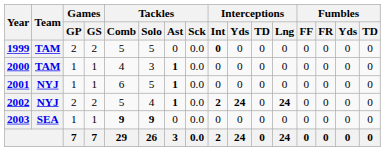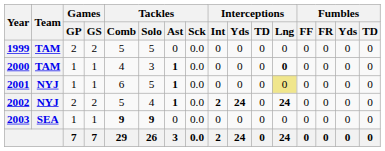 <table class="wikitable" style="text-align:center">
 <tr>
 <th rowspan="2">Year</th>
 <th rowspan="2">Team</th>
 <th colspan="2">Games</th>
 <th colspan="4">Tackles</th>
 <th colspan="4">Interceptions</th>
 <th colspan="4">Fumbles</th>
 </tr>
 <tr>
 <th>GP</th>
 <th>GS</th>
 <th>Comb</th>
 <th>Solo</th>
 <th>Ast</th>
 <th>Sck</th>
 <th>Int</th>
 <th>Yds</th>
 <th>TD</th>
 <th>Lng</th>
 <th>FF</th>
 <th>FR</th>
 <th>Yds</th>
 <th>TD</th>
 </tr>
 <tr>
 <th><a href='#'>1999</a></th>
 <th><a href='#'>TAM</a></th>
 <td>2</td>
 <td>2</td>
 <td>5</td>
 <td>5</td>
 <td>0</td>
 <td>0.0</td>
-<td><strong>0</strong></td>
+<td>0</td>
 <td>0</td>
 <td>0</td>
 <td>0</td>
 <td>0</td>
 <td>0</td>
 <td>0</td>
 <td>0</td>
 </tr>
 <tr>
 <th><a href='#'>2000</a></th>
 <th><a href='#'>TAM</a></th>
 <td>1</td>
 <td>1</td>
 <td>4</td>
 <td>3</td>
 <td><strong>1</strong></td>
 <td>0.0</td>
 <td>0</td>
 <td>0</td>
 <td>0</td>
-<td>0</td>
+<td><strong>0</strong></td>
 <td>0</td>
 <td>0</td>
 <td>0</td>
 <td>0</td>
 </tr>
 <tr>
 <th><a href='#'>2001</a></th>
 <th><a href='#'>NYJ</a></th>
 <td>1</td>
 <td>1</td>
 <td>6</td>
 <td>5</td>
 <td><strong>1</strong></td>
 <td>0.0</td>
 <td>0</td>
 <td>0</td>
 <td>0</td>
-<td>0</td>
+<td style="background: khaki;">0</td>
 <td>0</td>
 <td>0</td>
 <td>0</td>
 <td>0</td>
 </tr>
 <tr>
 <th><a href='#'>2002</a></th>
 <th><a href='#'>NYJ</a></th>
 <td>2</td>
 <td>2</td>
 <td>5</td>
 <td>4</td>
 <td><strong>1</strong></td>
 <td>0.0</td>
 <td><strong>2</strong></td>
 <td><strong>24</strong></td>
 <td>0</td>
 <td><strong>24</strong></td>
 <td>0</td>
 <td>0</td>
 <td>0</td>
 <td>0</td>
 </tr>
 <tr>
 <th><a href='#'>2003</a></th>
 <th><a href='#'>SEA</a></th>
 <td>1</td>
 <td>1</td>
 <td><strong>9</strong></td>
 <td><strong>9</strong></td>
 <td>0</td>
 <td>0.0</td>
 <td>0</td>
 <td>0</td>
 <td>0</td>
 <td>0</td>
 <td>0</td>
 <td>0</td>
 <td>0</td>
 <td>0</td>
 </tr>
 <tr>
 <th colspan="2"></th>
 <th>7</th>
 <th>7</th>
 <th>29</th>
 <th>26</th>
 <th>3</th>
 <th>0.0</th>
 <th>2</th>
 <th>24</th>
 <th>0</th>
 <th>24</th>
 <th>0</th>
 <th>0</th>
 <th>0</th>
 <th>0</th>
 </tr>
 </table>
